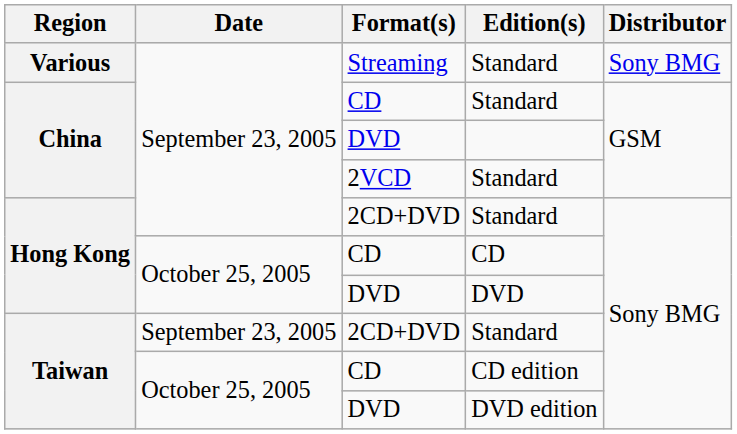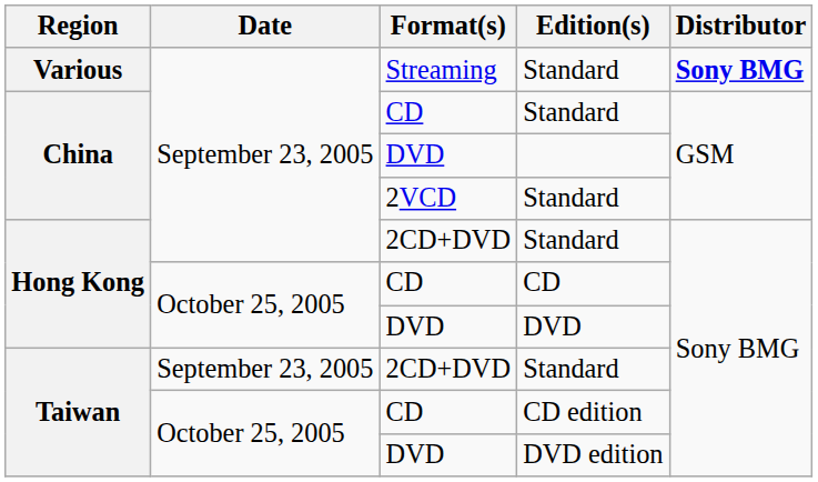 <table class="wikitable plainrowheaders">
 <tr>
 <th>Region</th>
 <th>Date</th>
 <th>Format(s)</th>
 <th>Edition(s)</th>
 <th>Distributor</th>
 </tr>
 <tr>
 <th scope="row">Various</th>
 <td rowspan="5">September 23, 2005</td>
 <td><a href='#'>Streaming</a></td>
 <td>Standard</td>
-<td><a href='#'>Sony BMG</a></td>
+<td><strong><a href='#'>Sony BMG</a></strong></td>
 </tr>
 <tr>
 <th scope="row" rowspan="3">China</th>
 <td><a href='#'>CD</a></td>
 <td>Standard</td>
 <td rowspan="3">GSM</td>
 </tr>
 <tr>
 <td><a href='#'>DVD</a></td>
 <td></td>
 </tr>
 <tr>
 <td>2<a href='#'>VCD</a></td>
 <td>Standard</td>
 </tr>
 <tr>
 <th scope="row" rowspan="3">Hong Kong</th>
 <td>2CD+DVD</td>
 <td>Standard</td>
 <td rowspan="6">Sony BMG</td>
 </tr>
 <tr>
 <td rowspan="2">October 25, 2005</td>
 <td>CD</td>
 <td>CD</td>
 </tr>
 <tr>
 <td>DVD</td>
 <td>DVD</td>
 </tr>
 <tr>
 <th scope="row" rowspan="3">Taiwan</th>
 <td>September 23, 2005</td>
 <td>2CD+DVD</td>
 <td>Standard</td>
 </tr>
 <tr>
 <td rowspan="2">October 25, 2005</td>
 <td>CD</td>
 <td>CD edition</td>
 </tr>
 <tr>
 <td>DVD</td>
 <td>DVD edition</td>
 </tr>
 </table>
